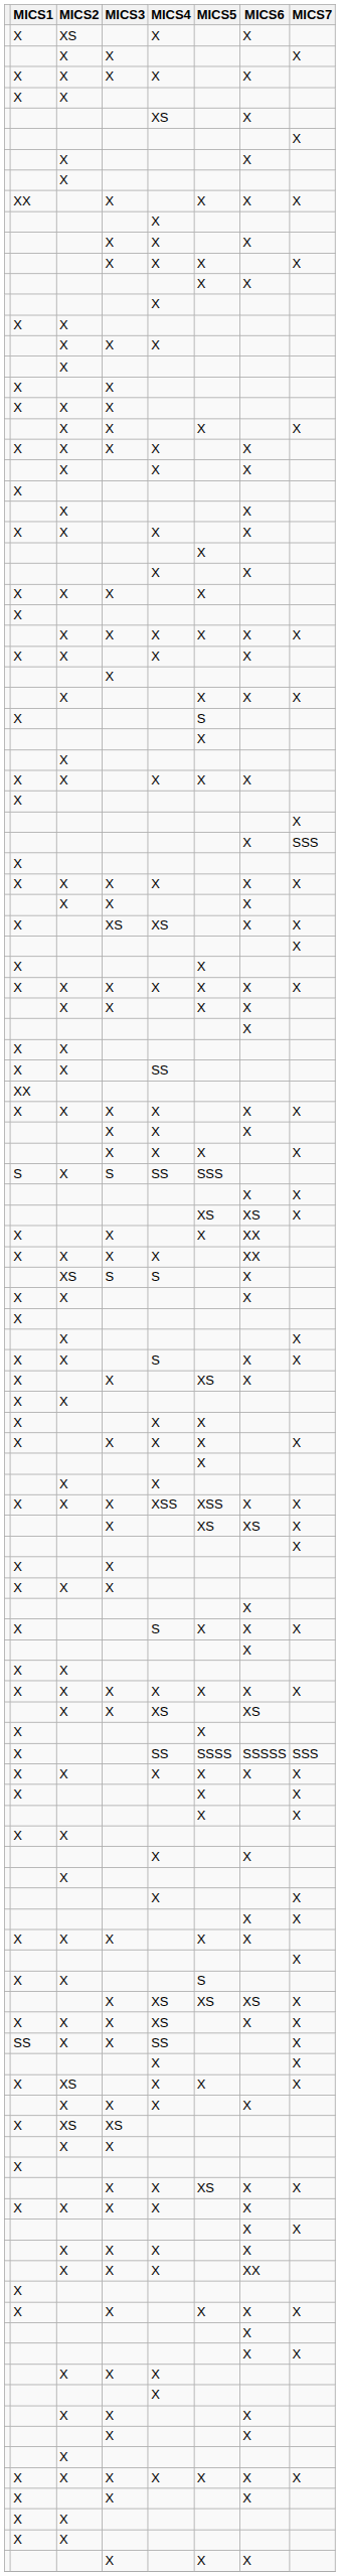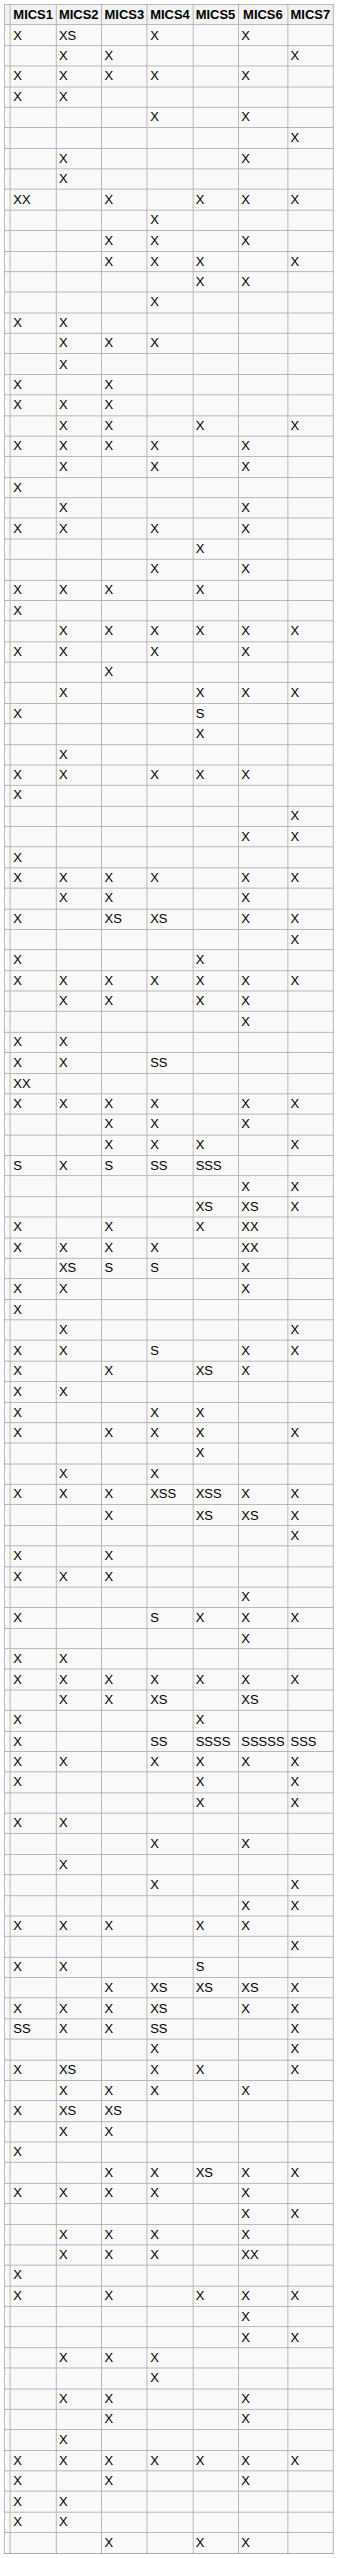 <table class="wikitable sortable mw-collapsible mw-collapsed" border="1">
 <tr>
 <th></th>
 <th>MICS1</th>
 <th>MICS2</th>
 <th>MICS3</th>
 <th>MICS4</th>
 <th>MICS5</th>
 <th>MICS6</th>
 <th>MICS7</th>
 </tr>
 <tr>
 <td></td>
 <td>X</td>
 <td>XS</td>
 <td></td>
 <td>X</td>
 <td></td>
 <td>X</td>
 </tr>
 <tr>
 <td></td>
 <td></td>
 <td>X</td>
 <td>X</td>
 <td></td>
 <td></td>
 <td></td>
 <td>X</td>
 </tr>
 <tr>
 <td></td>
 <td>X</td>
 <td>X</td>
 <td>X</td>
 <td>X</td>
 <td></td>
 <td>X</td>
 <td></td>
 </tr>
 <tr>
 <td></td>
 <td>X</td>
 <td>X</td>
 <td></td>
 <td></td>
 <td></td>
 <td></td>
 <td></td>
 </tr>
 <tr>
 <td></td>
 <td></td>
 <td></td>
 <td></td>
-<td>XS</td>
+<td>X</td>
 <td></td>
 <td>X</td>
 <td></td>
 </tr>
 <tr>
 <td></td>
 <td></td>
 <td></td>
 <td></td>
 <td></td>
 <td></td>
 <td></td>
 <td>X</td>
 </tr>
 <tr>
 <td></td>
 <td></td>
 <td>X</td>
 <td></td>
 <td></td>
 <td></td>
 <td>X</td>
 <td></td>
 </tr>
 <tr>
 <td></td>
 <td></td>
 <td>X</td>
 <td></td>
 <td></td>
 <td></td>
 <td></td>
 <td></td>
 </tr>
 <tr>
 <td></td>
 <td>XX</td>
 <td></td>
 <td>X</td>
 <td></td>
 <td>X</td>
 <td>X</td>
 <td>X</td>
 </tr>
 <tr>
 <td></td>
 <td></td>
 <td></td>
 <td></td>
 <td>X</td>
 <td></td>
 <td></td>
 <td></td>
 </tr>
 <tr>
 <td></td>
 <td></td>
 <td></td>
 <td>X</td>
 <td>X</td>
 <td></td>
 <td>X</td>
 <td></td>
 </tr>
 <tr>
 <td></td>
 <td></td>
 <td></td>
 <td>X</td>
 <td>X</td>
 <td>X</td>
 <td></td>
 <td>X</td>
 </tr>
 <tr>
 <td></td>
 <td></td>
 <td></td>
 <td></td>
 <td></td>
 <td>X</td>
 <td>X</td>
 <td></td>
 </tr>
 <tr>
 <td></td>
 <td></td>
 <td></td>
 <td></td>
 <td>X</td>
 <td></td>
 <td></td>
 <td></td>
 </tr>
 <tr>
 <td></td>
 <td>X</td>
 <td>X</td>
 <td></td>
 <td></td>
 <td></td>
 <td></td>
 <td></td>
 </tr>
 <tr>
 <td></td>
 <td></td>
 <td>X</td>
 <td>X</td>
 <td>X</td>
 <td></td>
 <td></td>
 <td></td>
 </tr>
 <tr>
 <td></td>
 <td></td>
 <td>X</td>
 <td></td>
 <td></td>
 <td></td>
 <td></td>
 <td></td>
 </tr>
 <tr>
 <td></td>
 <td>X</td>
 <td></td>
 <td>X</td>
 <td></td>
 <td></td>
 <td></td>
 <td></td>
 </tr>
 <tr>
 <td></td>
 <td>X</td>
 <td>X</td>
 <td>X</td>
 <td></td>
 <td></td>
 <td></td>
 <td></td>
 </tr>
 <tr>
 <td></td>
 <td></td>
 <td>X</td>
 <td>X</td>
 <td></td>
 <td>X</td>
 <td></td>
 <td>X</td>
 </tr>
 <tr>
 <td></td>
 <td>X</td>
 <td>X</td>
 <td>X</td>
 <td>X</td>
 <td></td>
 <td>X</td>
 <td></td>
 </tr>
 <tr>
 <td></td>
 <td></td>
 <td>X</td>
 <td></td>
 <td>X</td>
 <td></td>
 <td>X</td>
 <td></td>
 </tr>
 <tr>
 <td></td>
 <td>X</td>
 <td></td>
 <td></td>
 <td></td>
 <td></td>
 <td></td>
 <td></td>
 </tr>
 <tr>
 <td></td>
 <td></td>
 <td>X</td>
 <td></td>
 <td></td>
 <td></td>
 <td>X</td>
 <td></td>
 </tr>
 <tr>
 <td></td>
 <td>X</td>
 <td>X</td>
 <td></td>
 <td>X</td>
 <td></td>
 <td>X</td>
 <td></td>
 </tr>
 <tr>
 <td></td>
 <td></td>
 <td></td>
 <td></td>
 <td></td>
 <td>X</td>
 <td></td>
 <td></td>
 </tr>
 <tr>
 <td></td>
 <td></td>
 <td></td>
 <td></td>
 <td>X</td>
 <td></td>
 <td>X</td>
 <td></td>
 </tr>
 <tr>
 <td></td>
 <td>X</td>
 <td>X</td>
 <td>X</td>
 <td></td>
 <td>X</td>
 <td></td>
 <td></td>
 </tr>
 <tr>
 <td></td>
 <td>X</td>
 <td></td>
 <td></td>
 <td></td>
 <td></td>
 <td></td>
 <td></td>
 </tr>
 <tr>
 <td></td>
 <td></td>
 <td>X</td>
 <td>X</td>
 <td>X</td>
 <td>X</td>
 <td>X</td>
 <td>X</td>
 </tr>
 <tr>
 <td></td>
 <td>X</td>
 <td>X</td>
 <td></td>
 <td>X</td>
 <td></td>
 <td>X</td>
 <td></td>
 </tr>
 <tr>
 <td></td>
 <td></td>
 <td></td>
 <td>X</td>
 <td></td>
 <td></td>
 <td></td>
 <td></td>
 </tr>
 <tr>
 <td></td>
 <td></td>
 <td>X</td>
 <td></td>
 <td></td>
 <td>X</td>
 <td>X</td>
 <td>X</td>
 </tr>
 <tr>
 <td></td>
 <td>X</td>
 <td></td>
 <td></td>
 <td></td>
 <td>S</td>
 <td></td>
 <td></td>
 </tr>
 <tr>
 <td></td>
 <td></td>
 <td></td>
 <td></td>
 <td></td>
 <td>X</td>
 <td></td>
 <td></td>
 </tr>
 <tr>
 <td></td>
 <td></td>
 <td>X</td>
 <td></td>
 <td></td>
 <td></td>
 <td></td>
 <td></td>
 </tr>
 <tr>
 <td></td>
 <td>X</td>
 <td>X</td>
 <td></td>
 <td>X</td>
 <td>X</td>
 <td>X</td>
 <td></td>
 </tr>
 <tr>
 <td></td>
 <td>X</td>
 <td></td>
 <td></td>
 <td></td>
 <td></td>
 <td></td>
 <td></td>
 </tr>
 <tr>
 <td></td>
 <td></td>
 <td></td>
 <td></td>
 <td></td>
 <td></td>
 <td></td>
 <td>X</td>
 </tr>
 <tr>
 <td></td>
 <td></td>
 <td></td>
 <td></td>
 <td></td>
 <td></td>
 <td>X</td>
-<td>SSS</td>
+<td>X</td>
 </tr>
 <tr>
 <td></td>
 <td>X</td>
 <td></td>
 <td></td>
 <td></td>
 <td></td>
 <td></td>
 <td></td>
 </tr>
 <tr>
 <td></td>
 <td>X</td>
 <td>X</td>
 <td>X</td>
 <td>X</td>
 <td></td>
 <td>X</td>
 <td>X</td>
 </tr>
 <tr>
 <td></td>
 <td></td>
 <td>X</td>
 <td>X</td>
 <td></td>
 <td></td>
 <td>X</td>
 <td></td>
 </tr>
 <tr>
 <td></td>
 <td>X</td>
 <td></td>
 <td>XS</td>
 <td>XS</td>
 <td></td>
 <td>X</td>
 <td>X</td>
 </tr>
 <tr>
 <td></td>
 <td></td>
 <td></td>
 <td></td>
 <td></td>
 <td></td>
 <td></td>
 <td>X</td>
 </tr>
 <tr>
 <td></td>
 <td>X</td>
 <td></td>
 <td></td>
 <td></td>
 <td>X</td>
 <td></td>
 <td></td>
 </tr>
 <tr>
 <td></td>
 <td>X</td>
 <td>X</td>
 <td>X</td>
 <td>X</td>
 <td>X</td>
 <td>X</td>
 <td>X</td>
 </tr>
 <tr>
 <td></td>
 <td></td>
 <td>X</td>
 <td>X</td>
 <td></td>
 <td>X</td>
 <td>X</td>
 <td></td>
 </tr>
 <tr>
 <td></td>
 <td></td>
 <td></td>
 <td></td>
 <td></td>
 <td></td>
 <td>X</td>
 <td></td>
 </tr>
 <tr>
 <td></td>
 <td>X</td>
 <td>X</td>
 <td></td>
 <td></td>
 <td></td>
 <td></td>
 <td></td>
 </tr>
 <tr>
 <td></td>
 <td>X</td>
 <td>X</td>
 <td></td>
 <td>SS</td>
 <td></td>
 <td></td>
 <td></td>
 </tr>
 <tr>
 <td></td>
 <td>XX</td>
 <td></td>
 <td></td>
 <td></td>
 <td></td>
 <td></td>
 <td></td>
 </tr>
 <tr>
 <td></td>
 <td>X</td>
 <td>X</td>
 <td>X</td>
 <td>X</td>
 <td></td>
 <td>X</td>
 <td>X</td>
 </tr>
 <tr>
 <td></td>
 <td></td>
 <td></td>
 <td>X</td>
 <td>X</td>
 <td></td>
 <td>X</td>
 <td></td>
 </tr>
 <tr>
 <td></td>
 <td></td>
 <td></td>
 <td>X</td>
 <td>X</td>
 <td>X</td>
 <td></td>
 <td>X</td>
 </tr>
 <tr>
 <td></td>
 <td>S</td>
 <td>X</td>
 <td>S</td>
 <td>SS</td>
 <td>SSS</td>
 <td></td>
 <td></td>
 </tr>
 <tr>
 <td></td>
 <td></td>
 <td></td>
 <td></td>
 <td></td>
 <td></td>
 <td>X</td>
 <td>X</td>
 </tr>
 <tr>
 <td></td>
 <td></td>
 <td></td>
 <td></td>
 <td></td>
 <td>XS</td>
 <td>XS</td>
 <td>X</td>
 </tr>
 <tr>
 <td></td>
 <td>X</td>
 <td></td>
 <td>X</td>
 <td></td>
 <td>X</td>
 <td>XX</td>
 <td></td>
 </tr>
 <tr>
 <td></td>
 <td>X</td>
 <td>X</td>
 <td>X</td>
 <td>X</td>
 <td></td>
 <td>XX</td>
 <td></td>
 </tr>
 <tr>
 <td></td>
 <td></td>
 <td>XS</td>
 <td>S</td>
 <td>S</td>
 <td></td>
 <td>X</td>
 <td></td>
 </tr>
 <tr>
 <td></td>
 <td>X</td>
 <td>X</td>
 <td></td>
 <td></td>
 <td></td>
 <td>X</td>
 <td></td>
 </tr>
 <tr>
 <td></td>
 <td>X</td>
 <td></td>
 <td></td>
 <td></td>
 <td></td>
 <td></td>
 <td></td>
 </tr>
 <tr>
 <td></td>
 <td></td>
 <td>X</td>
 <td></td>
 <td></td>
 <td></td>
 <td></td>
 <td>X</td>
 </tr>
 <tr>
 <td></td>
 <td>X</td>
 <td>X</td>
 <td></td>
 <td>S</td>
 <td></td>
 <td>X</td>
 <td>X</td>
 </tr>
 <tr>
 <td></td>
 <td>X</td>
 <td></td>
 <td>X</td>
 <td></td>
 <td>XS</td>
 <td>X</td>
 <td></td>
 </tr>
 <tr>
 <td></td>
 <td>X</td>
 <td>X</td>
 <td></td>
 <td></td>
 <td></td>
 <td></td>
 <td></td>
 </tr>
 <tr>
 <td></td>
 <td>X</td>
 <td></td>
 <td></td>
 <td>X</td>
 <td>X</td>
 <td></td>
 <td></td>
 </tr>
 <tr>
 <td></td>
 <td>X</td>
 <td></td>
 <td>X</td>
 <td>X</td>
 <td>X</td>
 <td></td>
 <td>X</td>
 </tr>
 <tr>
 <td></td>
 <td></td>
 <td></td>
 <td></td>
 <td></td>
 <td>X</td>
 <td></td>
 <td></td>
 </tr>
 <tr>
 <td></td>
 <td></td>
 <td>X</td>
 <td></td>
 <td>X</td>
 <td></td>
 <td></td>
 <td></td>
 </tr>
 <tr>
 <td></td>
 <td>X</td>
 <td>X</td>
 <td>X</td>
 <td>XSS</td>
 <td>XSS</td>
 <td>X</td>
 <td>X</td>
 </tr>
 <tr>
 <td></td>
 <td></td>
 <td></td>
 <td>X</td>
 <td></td>
 <td>XS</td>
 <td>XS</td>
 <td>X</td>
 </tr>
 <tr>
 <td></td>
 <td></td>
 <td></td>
 <td></td>
 <td></td>
 <td></td>
 <td></td>
 <td>X</td>
 </tr>
 <tr>
 <td></td>
 <td>X</td>
 <td></td>
 <td>X</td>
 <td></td>
 <td></td>
 <td></td>
 <td></td>
 </tr>
 <tr>
 <td></td>
 <td>X</td>
 <td>X</td>
 <td>X</td>
 <td></td>
 <td></td>
 <td></td>
 <td></td>
 </tr>
 <tr>
 <td></td>
 <td></td>
 <td></td>
 <td></td>
 <td></td>
 <td></td>
 <td>X</td>
 <td></td>
 </tr>
 <tr>
 <td></td>
 <td>X</td>
 <td></td>
 <td></td>
 <td>S</td>
 <td>X</td>
 <td>X</td>
 <td>X</td>
 </tr>
 <tr>
 <td></td>
 <td></td>
 <td></td>
 <td></td>
 <td></td>
 <td></td>
 <td>X</td>
 <td></td>
 </tr>
 <tr>
 <td></td>
 <td>X</td>
 <td>X</td>
 <td></td>
 <td></td>
 <td></td>
 <td></td>
 <td></td>
 </tr>
 <tr>
 <td></td>
 <td>X</td>
 <td>X</td>
 <td>X</td>
 <td>X</td>
 <td>X</td>
 <td>X</td>
 <td>X</td>
 </tr>
 <tr>
 <td></td>
 <td></td>
 <td>X</td>
 <td>X</td>
 <td>XS</td>
 <td></td>
 <td>XS</td>
 <td></td>
 </tr>
 <tr>
 <td></td>
 <td>X</td>
 <td></td>
 <td></td>
 <td></td>
 <td>X</td>
 <td></td>
 <td></td>
 </tr>
 <tr>
 <td></td>
 <td>X</td>
 <td></td>
 <td></td>
 <td>SS</td>
 <td>SSSS</td>
 <td>SSSSS</td>
 <td>SSS</td>
 </tr>
 <tr>
 <td></td>
 <td>X</td>
 <td>X</td>
 <td></td>
 <td>X</td>
 <td>X</td>
 <td>X</td>
 <td>X</td>
 </tr>
 <tr>
 <td></td>
 <td>X</td>
 <td></td>
 <td></td>
 <td></td>
 <td>X</td>
 <td></td>
 <td>X</td>
 </tr>
 <tr>
 <td></td>
 <td></td>
 <td></td>
 <td></td>
 <td></td>
 <td>X</td>
 <td></td>
 <td>X</td>
 </tr>
 <tr>
 <td></td>
 <td>X</td>
 <td>X</td>
 <td></td>
 <td></td>
 <td></td>
 <td></td>
 <td></td>
 </tr>
 <tr>
 <td></td>
 <td></td>
 <td></td>
 <td></td>
 <td>X</td>
 <td></td>
 <td>X</td>
 <td></td>
 </tr>
 <tr>
 <td></td>
 <td></td>
 <td>X</td>
 <td></td>
 <td></td>
 <td></td>
 <td></td>
 <td></td>
 </tr>
 <tr>
 <td></td>
 <td></td>
 <td></td>
 <td></td>
 <td>X</td>
 <td></td>
 <td></td>
 <td>X</td>
 </tr>
 <tr>
 <td></td>
 <td></td>
 <td></td>
 <td></td>
 <td></td>
 <td></td>
 <td>X</td>
 <td>X</td>
 </tr>
 <tr>
 <td></td>
 <td>X</td>
 <td>X</td>
 <td>X</td>
 <td></td>
 <td>X</td>
 <td>X</td>
 <td></td>
 </tr>
 <tr>
 <td></td>
 <td></td>
 <td></td>
 <td></td>
 <td></td>
 <td></td>
 <td></td>
 <td>X</td>
 </tr>
 <tr>
 <td></td>
 <td>X</td>
 <td>X</td>
 <td></td>
 <td></td>
 <td>S</td>
 <td></td>
 <td></td>
 </tr>
 <tr>
 <td></td>
 <td></td>
 <td></td>
 <td>X</td>
 <td>XS</td>
 <td>XS</td>
 <td>XS</td>
 <td>X</td>
 </tr>
 <tr>
 <td></td>
 <td>X</td>
 <td>X</td>
 <td>X</td>
 <td>XS</td>
 <td></td>
 <td>X</td>
 <td>X</td>
 </tr>
 <tr>
 <td></td>
 <td>SS</td>
 <td>X</td>
 <td>X</td>
 <td>SS</td>
 <td></td>
 <td></td>
 <td>X</td>
 </tr>
 <tr>
 <td></td>
 <td></td>
 <td></td>
 <td></td>
 <td>X</td>
 <td></td>
 <td></td>
 <td>X</td>
 </tr>
 <tr>
 <td></td>
 <td>X</td>
 <td>XS</td>
 <td></td>
 <td>X</td>
 <td>X</td>
 <td></td>
 <td>X</td>
 </tr>
 <tr>
 <td></td>
 <td></td>
 <td>X</td>
 <td>X</td>
 <td>X</td>
 <td></td>
 <td>X</td>
 <td></td>
 </tr>
 <tr>
 <td></td>
 <td>X</td>
 <td>XS</td>
 <td>XS</td>
 <td></td>
 <td></td>
 <td></td>
 <td></td>
 </tr>
 <tr>
 <td></td>
 <td></td>
 <td>X</td>
 <td>X</td>
 <td></td>
 <td></td>
 <td></td>
 <td></td>
 </tr>
 <tr>
 <td></td>
 <td>X</td>
 <td></td>
 <td></td>
 <td></td>
 <td></td>
 <td></td>
 <td></td>
 </tr>
 <tr>
 <td></td>
 <td></td>
 <td></td>
 <td>X</td>
 <td>X</td>
 <td>XS</td>
 <td>X</td>
 <td>X</td>
 </tr>
 <tr>
 <td></td>
 <td>X</td>
 <td>X</td>
 <td>X</td>
 <td>X</td>
 <td></td>
 <td>X</td>
 <td></td>
 </tr>
 <tr>
 <td></td>
 <td></td>
 <td></td>
 <td></td>
 <td></td>
 <td></td>
 <td>X</td>
 <td>X</td>
 </tr>
 <tr>
 <td></td>
 <td></td>
 <td>X</td>
 <td>X</td>
 <td>X</td>
 <td></td>
 <td>X</td>
 <td></td>
 </tr>
 <tr>
 <td></td>
 <td></td>
 <td>X</td>
 <td>X</td>
 <td>X</td>
 <td></td>
 <td>XX</td>
 <td></td>
 </tr>
 <tr>
 <td></td>
 <td>X</td>
 <td></td>
 <td></td>
 <td></td>
 <td></td>
 <td></td>
 <td></td>
 </tr>
 <tr>
 <td></td>
 <td>X</td>
 <td></td>
 <td>X</td>
 <td></td>
 <td>X</td>
 <td>X</td>
 <td>X</td>
 </tr>
 <tr>
 <td></td>
 <td></td>
 <td></td>
 <td></td>
 <td></td>
 <td></td>
 <td>X</td>
 <td></td>
 </tr>
 <tr>
 <td></td>
 <td></td>
 <td></td>
 <td></td>
 <td></td>
 <td></td>
 <td>X</td>
 <td>X</td>
 </tr>
 <tr>
 <td></td>
 <td></td>
 <td>X</td>
 <td>X</td>
 <td>X</td>
 <td></td>
 <td></td>
 <td></td>
 </tr>
 <tr>
 <td></td>
 <td></td>
 <td></td>
 <td></td>
 <td>X</td>
 <td></td>
 <td></td>
 <td></td>
 </tr>
 <tr>
 <td></td>
 <td></td>
 <td>X</td>
 <td>X</td>
 <td></td>
 <td></td>
 <td>X</td>
 <td></td>
 </tr>
 <tr>
 <td></td>
 <td></td>
 <td></td>
 <td>X</td>
 <td></td>
 <td></td>
 <td>X</td>
 <td></td>
 </tr>
 <tr>
 <td></td>
 <td></td>
 <td>X</td>
 <td></td>
 <td></td>
 <td></td>
 <td></td>
 <td></td>
 </tr>
 <tr>
 <td></td>
 <td>X</td>
 <td>X</td>
 <td>X</td>
 <td>X</td>
 <td>X</td>
 <td>X</td>
 <td>X</td>
 </tr>
 <tr>
 <td></td>
 <td>X</td>
 <td></td>
 <td>X</td>
 <td></td>
 <td></td>
 <td>X</td>
 <td></td>
 </tr>
 <tr>
 <td></td>
 <td>X</td>
 <td>X</td>
 <td></td>
 <td></td>
 <td></td>
 <td></td>
 <td></td>
 </tr>
 <tr>
 <td></td>
 <td>X</td>
 <td>X</td>
 <td></td>
 <td></td>
 <td></td>
 <td></td>
 <td></td>
 </tr>
 <tr>
 <td></td>
 <td></td>
 <td></td>
 <td>X</td>
 <td></td>
 <td>X</td>
 <td>X</td>
 <td></td>
 </tr>
 <tr>
 </tr>
 </table>
